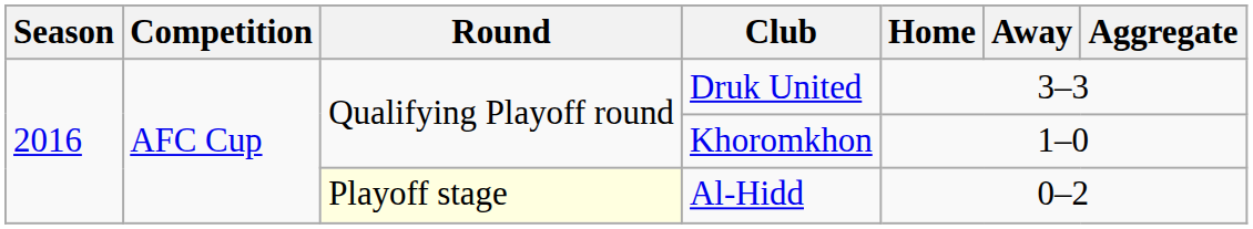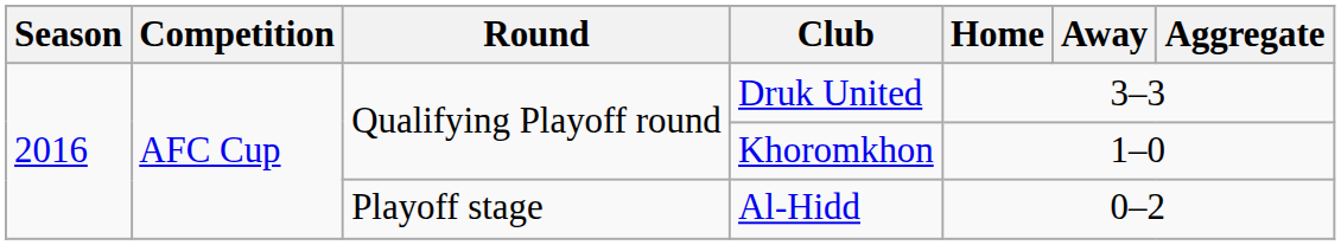 <table class="wikitable">
 <tr>
 <th>Season</th>
 <th>Competition</th>
 <th>Round</th>
 <th>Club</th>
 <th>Home</th>
 <th>Away</th>
 <th>Aggregate</th>
 </tr>
 <tr>
 <td rowspan="3"><a href='#'>2016</a></td>
 <td rowspan="3"><a href='#'>AFC Cup</a></td>
 <td rowspan="2">Qualifying Playoff round</td>
 <td> <a href='#'>Druk United</a></td>
 <td colspan=3; style="text-align:center;">3–3</td>
 </tr>
 <tr>
 <td> <a href='#'>Khoromkhon</a></td>
 <td colspan=3; style="text-align:center;">1–0</td>
 </tr>
 <tr>
-<td rowspan="1" style="background: lightyellow;">Playoff stage</td>
+<td rowspan="1">Playoff stage</td>
 <td> <a href='#'>Al-Hidd</a></td>
 <td colspan=3; style="text-align:center;">0–2</td>
 </tr>
 </table>
